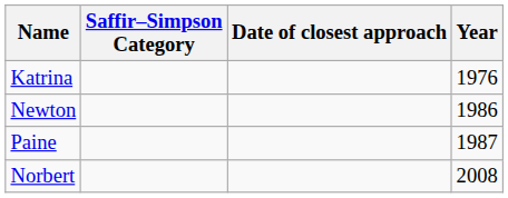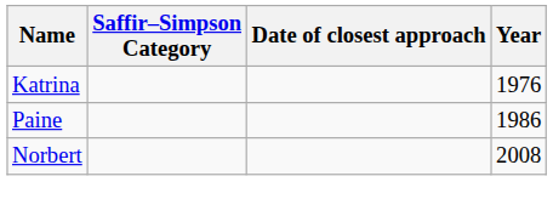 <table class = "wikitable" style="margin:1em auto;">
 <tr>
 <th>Name</th>
 <th><a href='#'>Saffir–Simpson</a><br>Category</th>
 <th>Date of closest approach</th>
 <th>Year</th>
 </tr>
 <tr>
 <td><a href='#'>Katrina</a></td>
 <td></td>
 <td></td>
 <td>1976</td>
 </tr>
 <tr>
-<td><a href='#'>Newton</a></td>
+<td><a href='#'>Paine</a></td>
 <td></td>
 <td></td>
 <td>1986</td>
-</tr>
-<tr>
-<td><a href='#'>Paine</a></td>
-<td></td>
-<td></td>
-<td>1987</td>
 </tr>
 <tr>
 <td><a href='#'>Norbert</a></td>
 <td></td>
 <td></td>
 <td>2008</td>
 </tr>
 </table>
